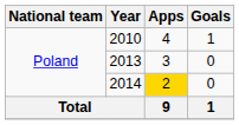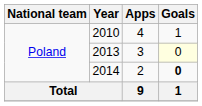 <table class="wikitable" style="text-align:center">
 <tr>
 <th>National team</th>
 <th>Year</th>
 <th>Apps</th>
 <th>Goals</th>
 </tr>
 <tr>
 <td rowspan="3"><a href='#'>Poland</a></td>
 <td>2010</td>
 <td>4</td>
 <td>1</td>
 </tr>
 <tr>
 <td>2013</td>
 <td>3</td>
-<td>0</td>
+<td style="background: lightyellow;">0</td>
 </tr>
 <tr>
 <td>2014</td>
-<td style="background: gold;">2</td>
-<td>0</td>
+<td>2</td>
+<td><strong>0</strong></td>
 </tr>
 <tr>
 <th colspan="2">Total</th>
 <th>9</th>
 <th>1</th>
 </tr>
 <tr>
 </tr>
 </table>
